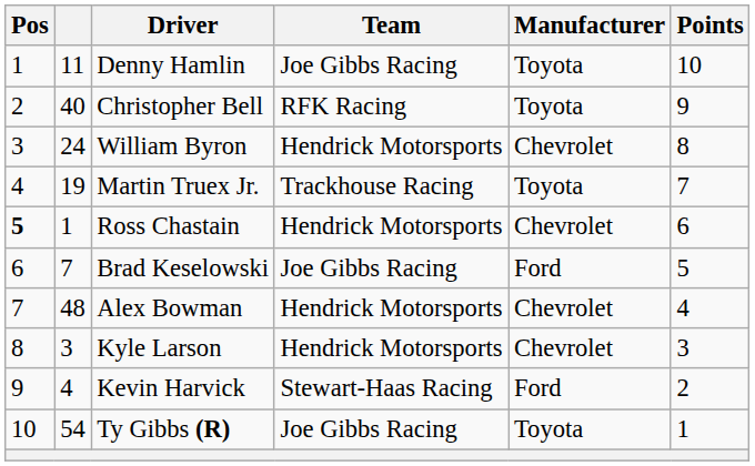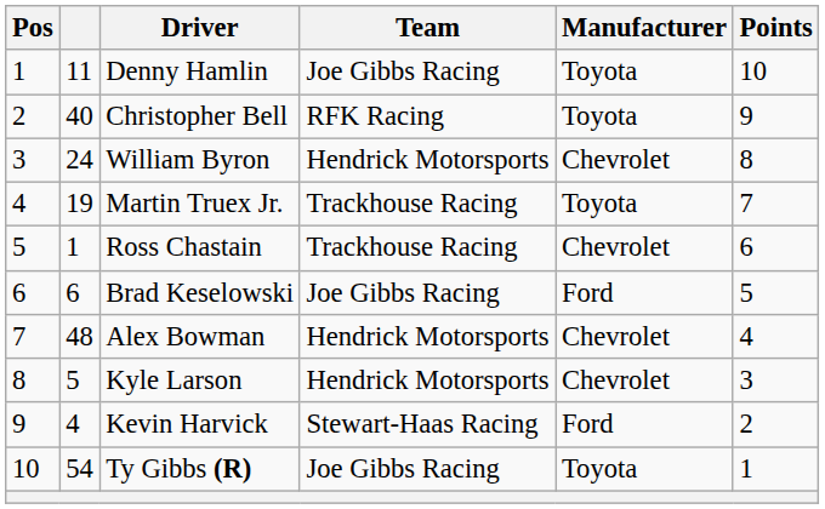 <table class="wikitable" style="font-size:98%">
 <tr>
 <th>Pos</th>
 <th></th>
 <th>Driver</th>
 <th>Team</th>
 <th>Manufacturer</th>
 <th>Points</th>
 </tr>
 <tr>
 <td>1</td>
 <td>11</td>
 <td>Denny Hamlin</td>
 <td>Joe Gibbs Racing</td>
 <td>Toyota</td>
 <td>10</td>
 </tr>
 <tr>
 <td>2</td>
 <td>40</td>
 <td>Christopher Bell</td>
 <td>RFK Racing</td>
 <td>Toyota</td>
 <td>9</td>
 </tr>
 <tr>
 <td>3</td>
 <td>24</td>
 <td>William Byron</td>
 <td>Hendrick Motorsports</td>
 <td>Chevrolet</td>
 <td>8</td>
 </tr>
 <tr>
 <td>4</td>
 <td>19</td>
 <td>Martin Truex Jr.</td>
 <td>Trackhouse Racing</td>
 <td>Toyota</td>
 <td>7</td>
 </tr>
 <tr>
-<td><strong>5</strong></td>
+<td>5</td>
 <td>1</td>
 <td>Ross Chastain</td>
-<td>Hendrick Motorsports</td>
+<td>Trackhouse Racing</td>
 <td>Chevrolet</td>
 <td>6</td>
 </tr>
 <tr>
 <td>6</td>
-<td>7</td>
+<td>6</td>
 <td>Brad Keselowski</td>
 <td>Joe Gibbs Racing</td>
 <td>Ford</td>
 <td>5</td>
 </tr>
 <tr>
 <td>7</td>
 <td>48</td>
 <td>Alex Bowman</td>
 <td>Hendrick Motorsports</td>
 <td>Chevrolet</td>
 <td>4</td>
 </tr>
 <tr>
 <td>8</td>
-<td>3</td>
+<td>5</td>
 <td>Kyle Larson</td>
 <td>Hendrick Motorsports</td>
 <td>Chevrolet</td>
 <td>3</td>
 </tr>
 <tr>
 <td>9</td>
 <td>4</td>
 <td>Kevin Harvick</td>
 <td>Stewart-Haas Racing</td>
 <td>Ford</td>
 <td>2</td>
 </tr>
 <tr>
 <td>10</td>
 <td>54</td>
 <td>Ty Gibbs <strong>(R)</strong></td>
 <td>Joe Gibbs Racing</td>
 <td>Toyota</td>
 <td>1</td>
 </tr>
 <tr>
 <th colspan="6"></th>
 </tr>
 </table>
